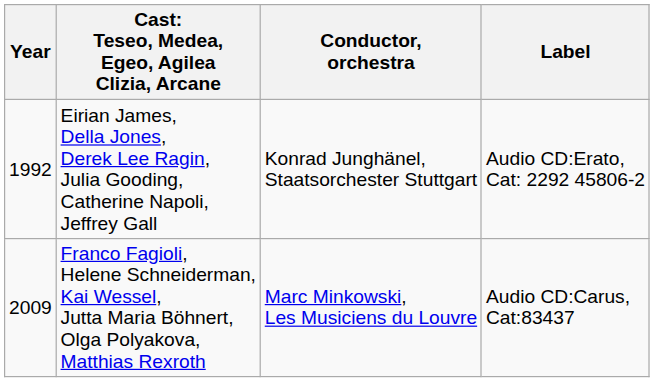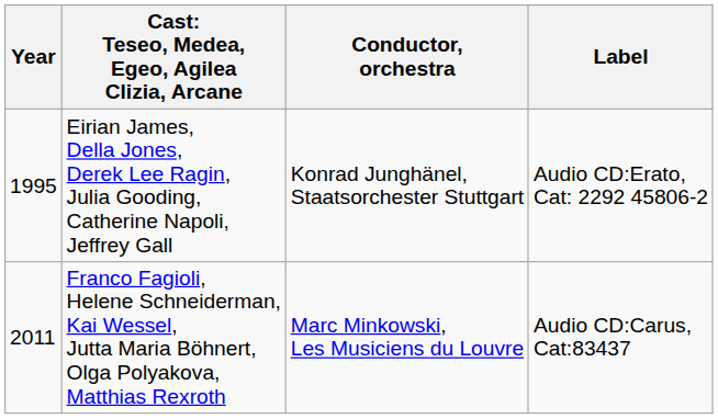 <table class="wikitable">
 <tr>
 <th>Year</th>
 <th>Cast:<br>Teseo, Medea,<br>Egeo, Agilea<br>Clizia, Arcane</th>
 <th>Conductor,<br>orchestra</th>
 <th>Label</th>
 </tr>
 <tr>
-<td>1992</td>
+<td>1995</td>
 <td>Eirian James,<br><a href='#'>Della Jones</a>,<br><a href='#'>Derek Lee Ragin</a>,<br>Julia Gooding,<br>Catherine Napoli,<br>Jeffrey Gall</td>
 <td>Konrad Junghänel,<br>Staatsorchester Stuttgart</td>
 <td>Audio CD:Erato,<br>Cat: 2292 45806-2</td>
 </tr>
 <tr>
-<td>2009</td>
+<td>2011</td>
 <td><a href='#'>Franco Fagioli</a>,<br>Helene Schneiderman,<br> <a href='#'>Kai Wessel</a>,<br>Jutta Maria Böhnert,<br>Olga Polyakova,<br><a href='#'>Matthias Rexroth</a></td>
 <td><a href='#'>Marc Minkowski</a>,<br><a href='#'>Les Musiciens du Louvre</a></td>
 <td>Audio CD:Carus,<br>Cat:83437</td>
 </tr>
 </table>
